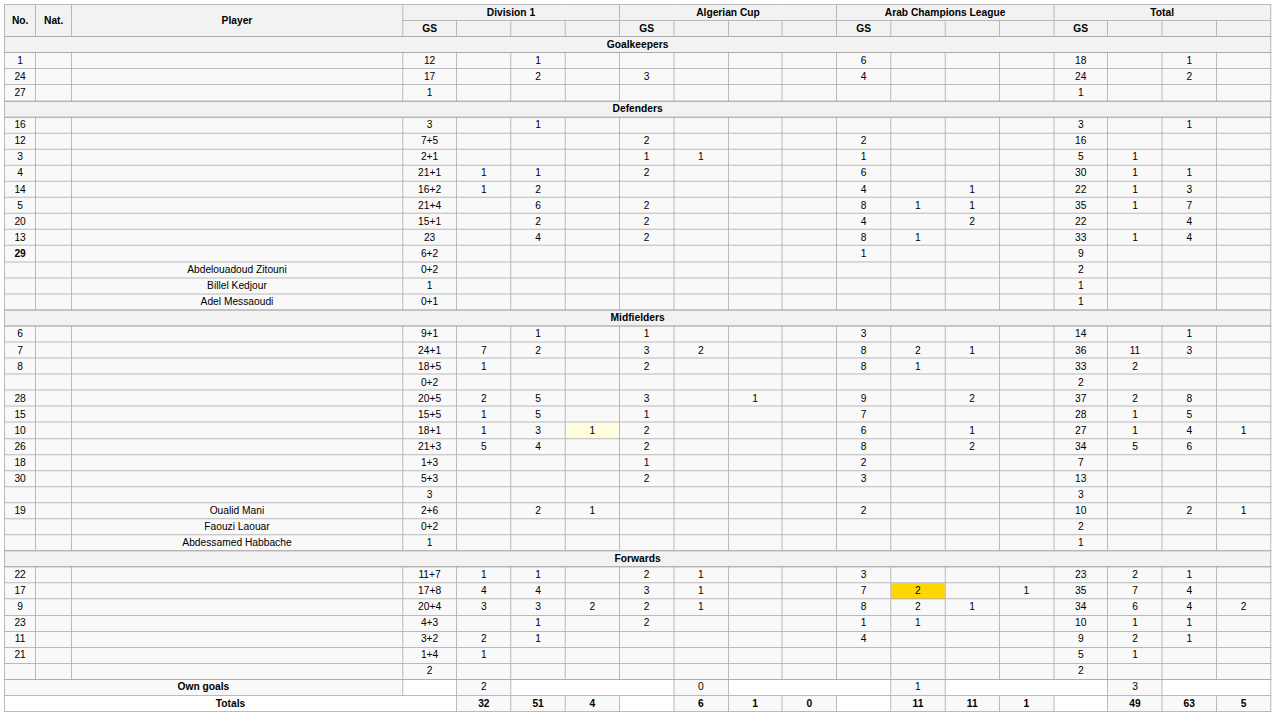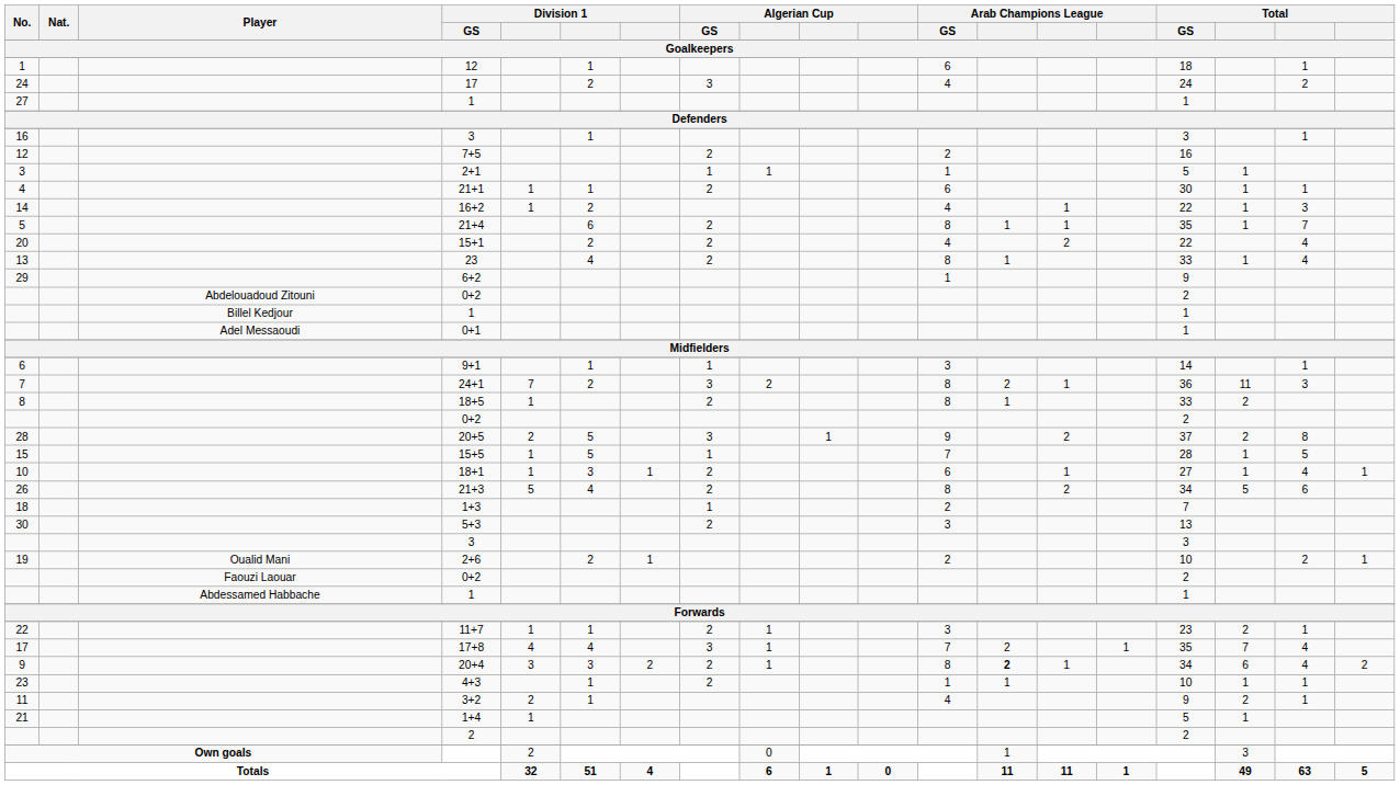 <table class="wikitable sortable alternance"  style="font-size:80%; text-align:center; line-height:14px; width:100%;">
 <tr>
 <th rowspan="2" style="width:10px;"><strong>No.</strong></th>
 <th rowspan="2" style="width:10px;"><strong>Nat.</strong></th>
 <th rowspan="2" scope="col" style="width:275px;"><strong>Player</strong></th>
 <th colspan="4"><strong>Division 1</strong></th>
 <th colspan="4"><strong>Algerian Cup</strong></th>
 <th colspan="4"><strong>Arab Champions League</strong></th>
 <th colspan="4"><strong>Total</strong></th>
 </tr>
 <tr style="text-align:center;">
 <th width=40><strong>GS</strong></th>
 <th width=40></th>
 <th width=40></th>
 <th width=40></th>
 <th width=40><strong>GS</strong></th>
 <th width=40></th>
 <th width=40></th>
 <th width=40></th>
 <th width=40><strong>GS</strong></th>
 <th width=40></th>
 <th width=40></th>
 <th width=40></th>
 <th width=40><strong>GS</strong></th>
 <th width=40></th>
 <th width=40></th>
 <th width=40></th>
 </tr>
 <tr>
 </tr>
 <tr align="center">
 <th colspan="23">Goalkeepers</th>
 </tr>
 <tr align="center">
 </tr>
 <tr>
 <td>1</td>
 <td></td>
 <td></td>
 <td>12</td>
 <td></td>
 <td>1</td>
 <td></td>
 <td></td>
 <td></td>
 <td></td>
 <td></td>
 <td>6</td>
 <td></td>
 <td></td>
 <td></td>
 <td>18</td>
 <td></td>
 <td>1</td>
 <td></td>
 </tr>
 <tr>
 <td>24</td>
 <td></td>
 <td></td>
 <td>17</td>
 <td></td>
 <td>2</td>
 <td></td>
 <td>3</td>
 <td></td>
 <td></td>
 <td></td>
 <td>4</td>
 <td></td>
 <td></td>
 <td></td>
 <td>24</td>
 <td></td>
 <td>2</td>
 <td></td>
 </tr>
 <tr>
 <td>27</td>
 <td></td>
 <td></td>
 <td>1</td>
 <td></td>
 <td></td>
 <td></td>
 <td></td>
 <td></td>
 <td></td>
 <td></td>
 <td></td>
 <td></td>
 <td></td>
 <td></td>
 <td>1</td>
 <td></td>
 <td></td>
 <td></td>
 </tr>
 <tr>
 </tr>
 <tr align="center">
 <th colspan="23">Defenders</th>
 </tr>
 <tr align="center">
 </tr>
 <tr>
 <td>16</td>
 <td></td>
 <td></td>
 <td>3</td>
 <td></td>
 <td>1</td>
 <td></td>
 <td></td>
 <td></td>
 <td></td>
 <td></td>
 <td></td>
 <td></td>
 <td></td>
 <td></td>
 <td>3</td>
 <td></td>
 <td>1</td>
 <td></td>
 </tr>
 <tr>
 <td>12</td>
 <td></td>
 <td></td>
 <td>7+5</td>
 <td></td>
 <td></td>
 <td></td>
 <td>2</td>
 <td></td>
 <td></td>
 <td></td>
 <td>2</td>
 <td></td>
 <td></td>
 <td></td>
 <td>16</td>
 <td></td>
 <td></td>
 <td></td>
 </tr>
 <tr>
 <td>3</td>
 <td></td>
 <td></td>
 <td>2+1</td>
 <td></td>
 <td></td>
 <td></td>
 <td>1</td>
 <td>1</td>
 <td></td>
 <td></td>
 <td>1</td>
 <td></td>
 <td></td>
 <td></td>
 <td>5</td>
 <td>1</td>
 <td></td>
 <td></td>
 </tr>
 <tr>
 <td>4</td>
 <td></td>
 <td></td>
 <td>21+1</td>
 <td>1</td>
 <td>1</td>
 <td></td>
 <td>2</td>
 <td></td>
 <td></td>
 <td></td>
 <td>6</td>
 <td></td>
 <td></td>
 <td></td>
 <td>30</td>
 <td>1</td>
 <td>1</td>
 <td></td>
 </tr>
 <tr>
 <td>14</td>
 <td></td>
 <td></td>
 <td>16+2</td>
 <td>1</td>
 <td>2</td>
 <td></td>
 <td></td>
 <td></td>
 <td></td>
 <td></td>
 <td>4</td>
 <td></td>
 <td>1</td>
 <td></td>
 <td>22</td>
 <td>1</td>
 <td>3</td>
 <td></td>
 </tr>
 <tr>
 <td>5</td>
 <td></td>
 <td></td>
 <td>21+4</td>
 <td></td>
 <td>6</td>
 <td></td>
 <td>2</td>
 <td></td>
 <td></td>
 <td></td>
 <td>8</td>
 <td>1</td>
 <td>1</td>
 <td></td>
 <td>35</td>
 <td>1</td>
 <td>7</td>
 <td></td>
 </tr>
 <tr>
 <td>20</td>
 <td></td>
 <td></td>
 <td>15+1</td>
 <td></td>
 <td>2</td>
 <td></td>
 <td>2</td>
 <td></td>
 <td></td>
 <td></td>
 <td>4</td>
 <td></td>
 <td>2</td>
 <td></td>
 <td>22</td>
 <td></td>
 <td>4</td>
 <td></td>
 </tr>
 <tr>
 <td>13</td>
 <td></td>
 <td></td>
 <td>23</td>
 <td></td>
 <td>4</td>
 <td></td>
 <td>2</td>
 <td></td>
 <td></td>
 <td></td>
 <td>8</td>
 <td>1</td>
 <td></td>
 <td></td>
 <td>33</td>
 <td>1</td>
 <td>4</td>
 <td></td>
 </tr>
 <tr>
-<td><strong>29</strong></td>
+<td>29</td>
 <td></td>
 <td></td>
 <td>6+2</td>
 <td></td>
 <td></td>
 <td></td>
 <td></td>
 <td></td>
 <td></td>
 <td></td>
 <td>1</td>
 <td></td>
 <td></td>
 <td></td>
 <td>9</td>
 <td></td>
 <td></td>
 <td></td>
 </tr>
 <tr>
 <td></td>
 <td></td>
 <td>Abdelouadoud Zitouni</td>
 <td>0+2</td>
 <td></td>
 <td></td>
 <td></td>
 <td></td>
 <td></td>
 <td></td>
 <td></td>
 <td></td>
 <td></td>
 <td></td>
 <td></td>
 <td>2</td>
 <td></td>
 <td></td>
 <td></td>
 </tr>
 <tr>
 <td></td>
 <td></td>
 <td>Billel Kedjour</td>
 <td>1</td>
 <td></td>
 <td></td>
 <td></td>
 <td></td>
 <td></td>
 <td></td>
 <td></td>
 <td></td>
 <td></td>
 <td></td>
 <td></td>
 <td>1</td>
 <td></td>
 <td></td>
 <td></td>
 </tr>
 <tr>
 <td></td>
 <td></td>
 <td>Adel Messaoudi</td>
 <td>0+1</td>
 <td></td>
 <td></td>
 <td></td>
 <td></td>
 <td></td>
 <td></td>
 <td></td>
 <td></td>
 <td></td>
 <td></td>
 <td></td>
 <td>1</td>
 <td></td>
 <td></td>
 <td></td>
 </tr>
 <tr>
 </tr>
 <tr align="center">
 <th colspan="23">Midfielders</th>
 </tr>
 <tr align="center">
 </tr>
 <tr>
 <td>6</td>
 <td></td>
 <td></td>
 <td>9+1</td>
 <td></td>
 <td>1</td>
 <td></td>
 <td>1</td>
 <td></td>
 <td></td>
 <td></td>
 <td>3</td>
 <td></td>
 <td></td>
 <td></td>
 <td>14</td>
 <td></td>
 <td>1</td>
 <td></td>
 </tr>
 <tr>
 <td>7</td>
 <td></td>
 <td></td>
 <td>24+1</td>
 <td>7</td>
 <td>2</td>
 <td></td>
 <td>3</td>
 <td>2</td>
 <td></td>
 <td></td>
 <td>8</td>
 <td>2</td>
 <td>1</td>
 <td></td>
 <td>36</td>
 <td>11</td>
 <td>3</td>
 <td></td>
 </tr>
 <tr>
 <td>8</td>
 <td></td>
 <td></td>
 <td>18+5</td>
 <td>1</td>
 <td></td>
 <td></td>
 <td>2</td>
 <td></td>
 <td></td>
 <td></td>
 <td>8</td>
 <td>1</td>
 <td></td>
 <td></td>
 <td>33</td>
 <td>2</td>
 <td></td>
 <td></td>
 </tr>
 <tr>
 <td></td>
 <td></td>
 <td></td>
 <td>0+2</td>
 <td></td>
 <td></td>
 <td></td>
 <td></td>
 <td></td>
 <td></td>
 <td></td>
 <td></td>
 <td></td>
 <td></td>
 <td></td>
 <td>2</td>
 <td></td>
 <td></td>
 <td></td>
 </tr>
 <tr>
 <td>28</td>
 <td></td>
 <td></td>
 <td>20+5</td>
 <td>2</td>
 <td>5</td>
 <td></td>
 <td>3</td>
 <td></td>
 <td>1</td>
 <td></td>
 <td>9</td>
 <td></td>
 <td>2</td>
 <td></td>
 <td>37</td>
 <td>2</td>
 <td>8</td>
 <td></td>
 </tr>
 <tr>
 <td>15</td>
 <td></td>
 <td></td>
 <td>15+5</td>
 <td>1</td>
 <td>5</td>
 <td></td>
 <td>1</td>
 <td></td>
 <td></td>
 <td></td>
 <td>7</td>
 <td></td>
 <td></td>
 <td></td>
 <td>28</td>
 <td>1</td>
 <td>5</td>
 <td></td>
 </tr>
 <tr>
 <td>10</td>
 <td></td>
 <td></td>
 <td>18+1</td>
 <td>1</td>
 <td>3</td>
-<td style="background: lightyellow;">1</td>
+<td>1</td>
 <td>2</td>
 <td></td>
 <td></td>
 <td></td>
 <td>6</td>
 <td></td>
 <td>1</td>
 <td></td>
 <td>27</td>
 <td>1</td>
 <td>4</td>
 <td>1</td>
 </tr>
 <tr>
 <td>26</td>
 <td></td>
 <td></td>
 <td>21+3</td>
 <td>5</td>
 <td>4</td>
 <td></td>
 <td>2</td>
 <td></td>
 <td></td>
 <td></td>
 <td>8</td>
 <td></td>
 <td>2</td>
 <td></td>
 <td>34</td>
 <td>5</td>
 <td>6</td>
 <td></td>
 </tr>
 <tr>
 <td>18</td>
 <td></td>
 <td></td>
 <td>1+3</td>
 <td></td>
 <td></td>
 <td></td>
 <td>1</td>
 <td></td>
 <td></td>
 <td></td>
 <td>2</td>
 <td></td>
 <td></td>
 <td></td>
 <td>7</td>
 <td></td>
 <td></td>
 <td></td>
 </tr>
 <tr>
 <td>30</td>
 <td></td>
 <td></td>
 <td>5+3</td>
 <td></td>
 <td></td>
 <td></td>
 <td>2</td>
 <td></td>
 <td></td>
 <td></td>
 <td>3</td>
 <td></td>
 <td></td>
 <td></td>
 <td>13</td>
 <td></td>
 <td></td>
 <td></td>
 </tr>
 <tr>
 <td></td>
 <td></td>
 <td></td>
 <td>3</td>
 <td></td>
 <td></td>
 <td></td>
 <td></td>
 <td></td>
 <td></td>
 <td></td>
 <td></td>
 <td></td>
 <td></td>
 <td></td>
 <td>3</td>
 <td></td>
 <td></td>
 <td></td>
 </tr>
 <tr>
 <td>19</td>
 <td></td>
 <td>Oualid Mani</td>
 <td>2+6</td>
 <td></td>
 <td>2</td>
 <td>1</td>
 <td></td>
 <td></td>
 <td></td>
 <td></td>
 <td>2</td>
 <td></td>
 <td></td>
 <td></td>
 <td>10</td>
 <td></td>
 <td>2</td>
 <td>1</td>
 </tr>
 <tr>
 <td></td>
 <td></td>
 <td>Faouzi Laouar</td>
 <td>0+2</td>
 <td></td>
 <td></td>
 <td></td>
 <td></td>
 <td></td>
 <td></td>
 <td></td>
 <td></td>
 <td></td>
 <td></td>
 <td></td>
 <td>2</td>
 <td></td>
 <td></td>
 <td></td>
 </tr>
 <tr>
 <td></td>
 <td></td>
 <td>Abdessamed Habbache</td>
 <td>1</td>
 <td></td>
 <td></td>
 <td></td>
 <td></td>
 <td></td>
 <td></td>
 <td></td>
 <td></td>
 <td></td>
 <td></td>
 <td></td>
 <td>1</td>
 <td></td>
 <td></td>
 <td></td>
 </tr>
 <tr>
 </tr>
 <tr align="center">
 <th colspan="23">Forwards</th>
 </tr>
 <tr align="center">
 </tr>
 <tr>
 <td>22</td>
 <td></td>
 <td></td>
 <td>11+7</td>
 <td>1</td>
 <td>1</td>
 <td></td>
 <td>2</td>
 <td>1</td>
 <td></td>
 <td></td>
 <td>3</td>
 <td></td>
 <td></td>
 <td></td>
 <td>23</td>
 <td>2</td>
 <td>1</td>
 <td></td>
 </tr>
 <tr>
 <td>17</td>
 <td></td>
 <td></td>
 <td>17+8</td>
 <td>4</td>
 <td>4</td>
 <td></td>
 <td>3</td>
 <td>1</td>
 <td></td>
 <td></td>
 <td>7</td>
-<td style="background: gold;">2</td>
+<td>2</td>
 <td></td>
 <td>1</td>
 <td>35</td>
 <td>7</td>
 <td>4</td>
 <td></td>
 </tr>
 <tr>
 <td>9</td>
 <td></td>
 <td></td>
 <td>20+4</td>
 <td>3</td>
 <td>3</td>
 <td>2</td>
 <td>2</td>
 <td>1</td>
 <td></td>
 <td></td>
 <td>8</td>
-<td>2</td>
+<td><strong>2</strong></td>
 <td>1</td>
 <td></td>
 <td>34</td>
 <td>6</td>
 <td>4</td>
 <td>2</td>
 </tr>
 <tr>
 <td>23</td>
 <td></td>
 <td></td>
 <td>4+3</td>
 <td></td>
 <td>1</td>
 <td></td>
 <td>2</td>
 <td></td>
 <td></td>
 <td></td>
 <td>1</td>
 <td>1</td>
 <td></td>
 <td></td>
 <td>10</td>
 <td>1</td>
 <td>1</td>
 <td></td>
 </tr>
 <tr>
 <td>11</td>
 <td></td>
 <td></td>
 <td>3+2</td>
 <td>2</td>
 <td>1</td>
 <td></td>
 <td></td>
 <td></td>
 <td></td>
 <td></td>
 <td>4</td>
 <td></td>
 <td></td>
 <td></td>
 <td>9</td>
 <td>2</td>
 <td>1</td>
 <td></td>
 </tr>
 <tr>
 <td>21</td>
 <td></td>
 <td></td>
 <td>1+4</td>
 <td>1</td>
 <td></td>
 <td></td>
 <td></td>
 <td></td>
 <td></td>
 <td></td>
 <td></td>
 <td></td>
 <td></td>
 <td></td>
 <td>5</td>
 <td>1</td>
 <td></td>
 <td></td>
 </tr>
 <tr>
 <td></td>
 <td></td>
 <td></td>
 <td>2</td>
 <td></td>
 <td></td>
 <td></td>
 <td></td>
 <td></td>
 <td></td>
 <td></td>
 <td></td>
 <td></td>
 <td></td>
 <td></td>
 <td>2</td>
 <td></td>
 <td></td>
 <td></td>
 </tr>
 <tr>
 </tr>
 <tr class="sortbottom">
 <td colspan="3"><strong>Own goals</strong></td>
 <td ! style="background:white; text-align: center;"></td>
 <td>2</td>
 <td ! colspan="3" style="background:white; text-align: center;"></td>
 <td>0</td>
 <td ! colspan="3" style="background:white; text-align: center;"></td>
 <td>1</td>
 <td ! colspan="3" style="background:white; text-align: center;"></td>
 <td>3</td>
 <td ! colspan="2" style="background:white; text-align: center;"></td>
 </tr>
 <tr class="sortbottom">
 <td colspan="4"  style="background:white; text-align: center;"><strong>Totals</strong></td>
 <td><strong>32</strong></td>
 <td><strong>51</strong></td>
 <td><strong>4</strong></td>
 <td ! rowspan="2" style="background:white; text-align: center;"></td>
 <td><strong>6</strong></td>
 <td><strong>1</strong></td>
 <td><strong>0</strong></td>
 <td ! rowspan="2" style="background:white; text-align: center;"></td>
 <td><strong>11</strong></td>
 <td><strong>11</strong></td>
 <td><strong>1</strong></td>
 <td ! rowspan="2" style="background:white; text-align: center;"></td>
 <td><strong>49</strong></td>
 <td><strong>63</strong></td>
 <td><strong>5</strong></td>
 </tr>
 </table>
